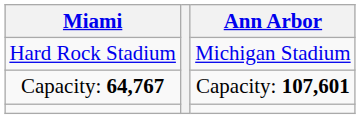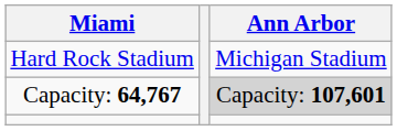 <table class="wikitable" style="text-align:center; margin-left:auto; margin-right:auto; border:none;">
 <tr>
 </tr>
 <tr>
 <th><a href='#'>Miami</a></th>
 <th rowspan="4"></th>
 <th><a href='#'>Ann Arbor</a></th>
 </tr>
 <tr>
 <td><a href='#'>Hard Rock Stadium</a></td>
 <td><a href='#'>Michigan Stadium</a></td>
 </tr>
 <tr>
 <td>Capacity: <strong>64,767</strong></td>
-<td>Capacity: <strong>107,601</strong></td>
+<td style="background: lightgrey;">Capacity: <strong>107,601</strong></td>
 </tr>
 <tr>
 <td></td>
 <td></td>
 </tr>
 </table>
